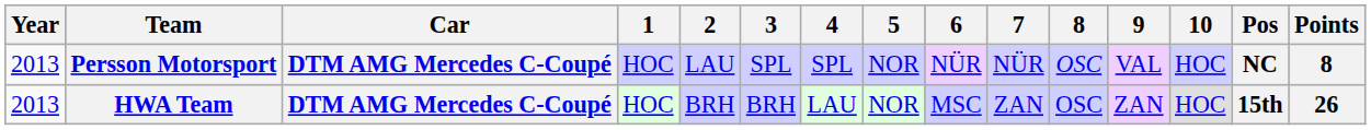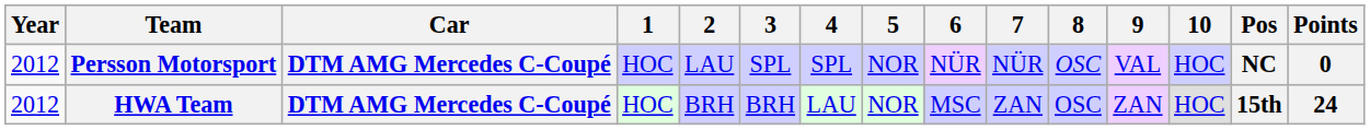 <table class="wikitable" style="text-align:center; font-size:85%">
 <tr>
 <th>Year</th>
 <th>Team</th>
 <th>Car</th>
 <th>1</th>
 <th>2</th>
 <th>3</th>
 <th>4</th>
 <th>5</th>
 <th>6</th>
 <th>7</th>
 <th>8</th>
 <th>9</th>
 <th>10</th>
 <th>Pos</th>
 <th>Points</th>
 </tr>
 <tr>
-<td><a href='#'>2013</a></td>
+<td><a href='#'>2012</a></td>
 <th nowrap><a href='#'>Persson Motorsport</a></th>
 <th nowrap><a href='#'>DTM AMG Mercedes C-Coupé</a></th>
 <td style="background:#CFCFFF"><a href='#'>HOC</a><br></td>
 <td style="background:#CFCFFF"><a href='#'>LAU</a><br></td>
 <td style="background:#CFCFFF"><a href='#'>SPL</a><br></td>
 <td style="background:#CFCFFF"><a href='#'>SPL</a><br></td>
 <td style="background:#CFCFFF"><a href='#'>NOR</a><br></td>
 <td style="background:#EFCFFF"><a href='#'>NÜR</a><br></td>
 <td style="background:#CFCFFF"><a href='#'>NÜR</a><br></td>
 <td style="background:#CFCFFF"><em><a href='#'>OSC</a></em><br></td>
 <td style="background:#EFCFFF"><a href='#'>VAL</a><br></td>
 <td style="background:#CFCFFF"><a href='#'>HOC</a><br></td>
 <th>NC</th>
-<th>8</th>
+<th>0</th>
 </tr>
 <tr>
-<td><a href='#'>2013</a></td>
+<td><a href='#'>2012</a></td>
 <th nowrap><a href='#'>HWA Team</a></th>
 <th nowrap><a href='#'>DTM AMG Mercedes C-Coupé</a></th>
 <td style="background:#DFFFDF"><a href='#'>HOC</a><br></td>
 <td style="background:#CFCFFF"><a href='#'>BRH</a><br></td>
 <td style="background:#CFCFFF"><a href='#'>BRH</a><br></td>
 <td style="background:#DFFFDF"><a href='#'>LAU</a><br></td>
 <td style="background:#DFFFDF"><a href='#'>NOR</a><br></td>
 <td style="background:#CFCFFF"><a href='#'>MSC</a><br></td>
 <td style="background:#CFCFFF"><a href='#'>ZAN</a><br></td>
 <td style="background:#CFCFFF"><a href='#'>OSC</a><br></td>
 <td style="background:#EFCFFF"><a href='#'>ZAN</a><br></td>
 <td style="background:#DFDFDF"><a href='#'>HOC</a><br></td>
 <th>15th</th>
-<th>26</th>
+<th>24</th>
 </tr>
 </table>
